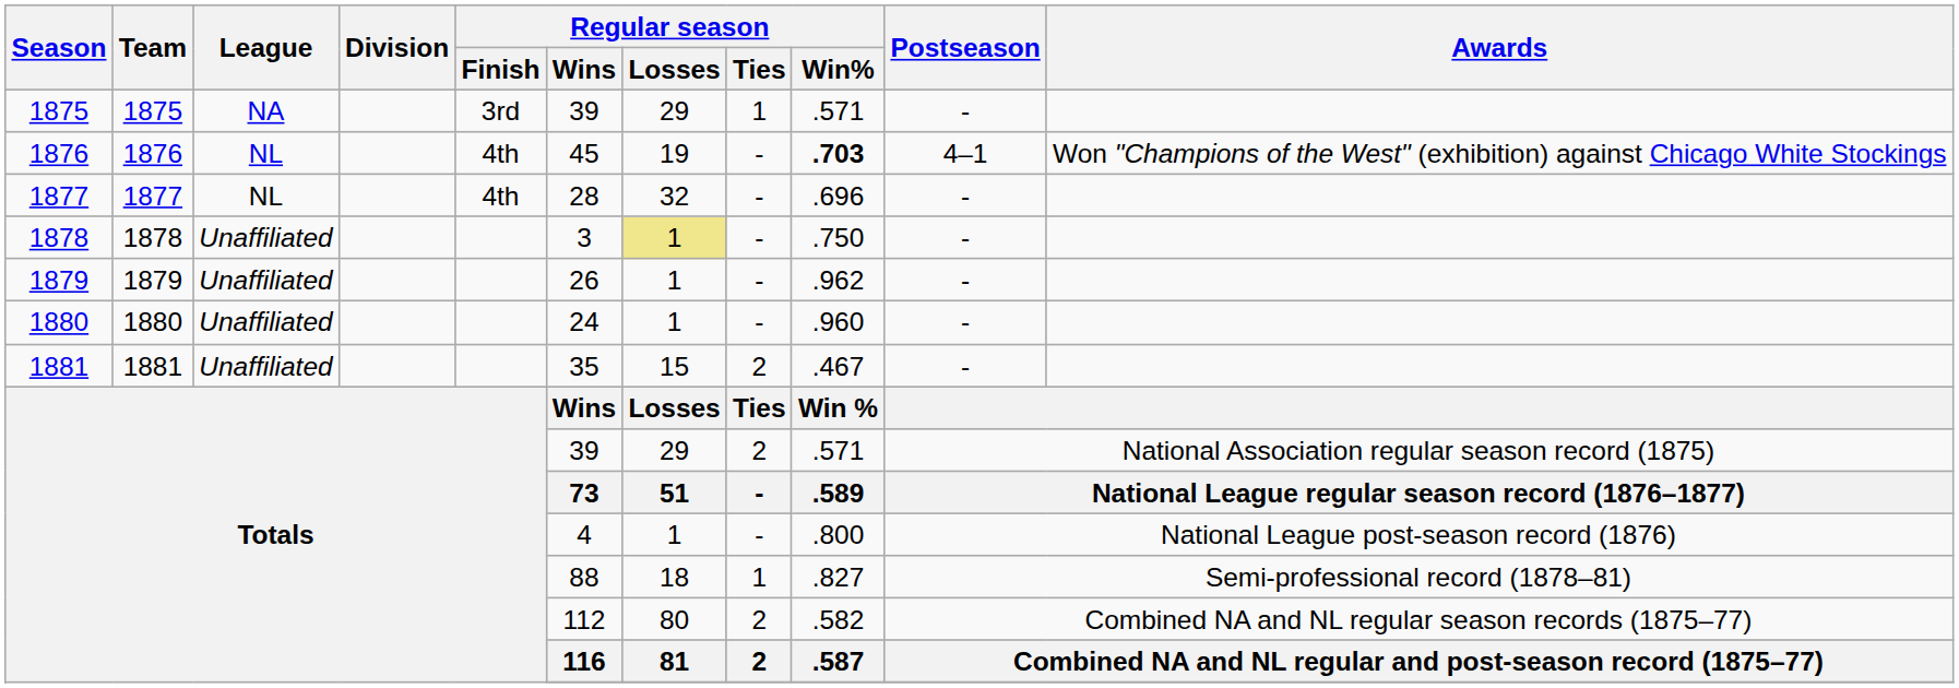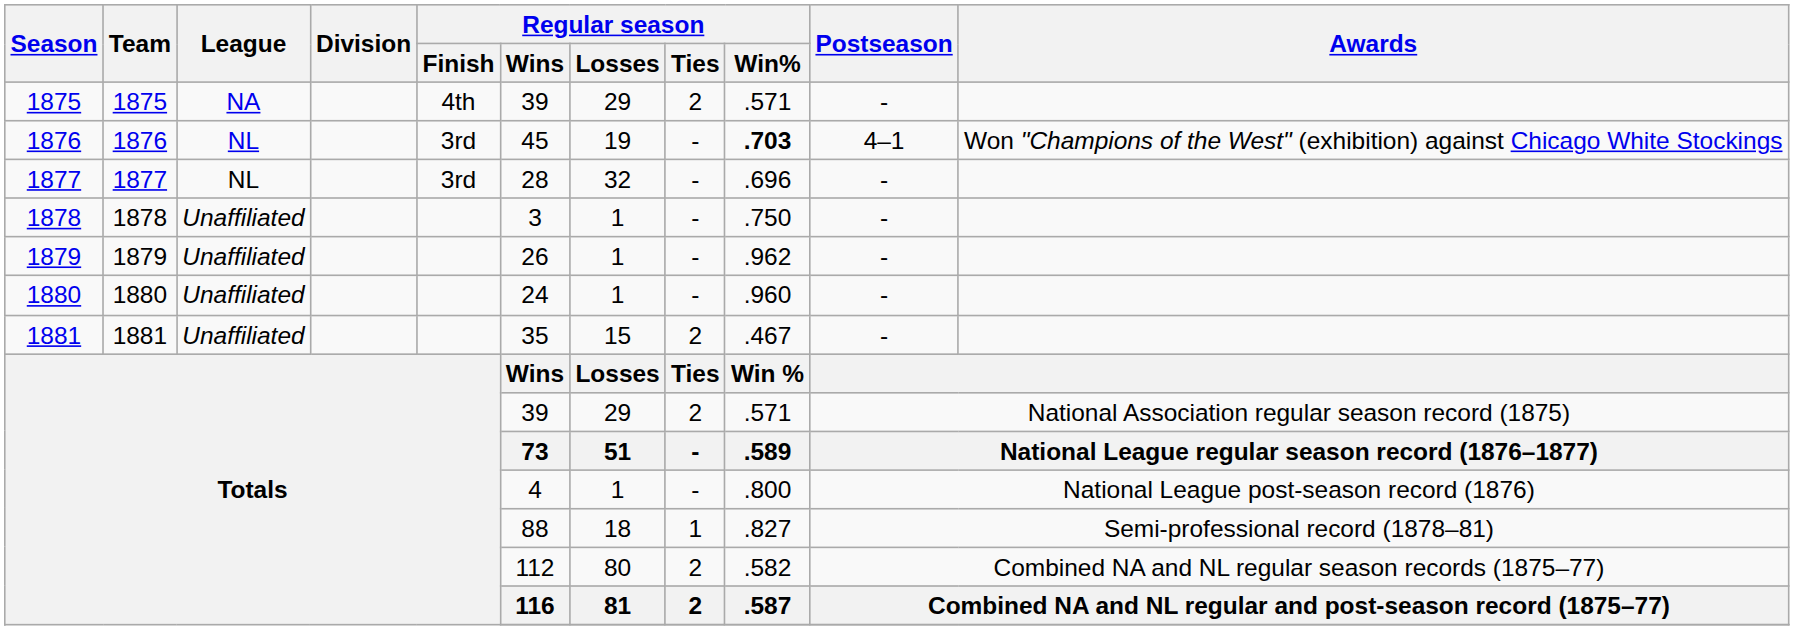 <table class="wikitable" style="text-align:center; font-size:95%">
 <tr>
 <th rowspan="2"><a href='#'>Season</a></th>
 <th rowspan="2">Team</th>
 <th rowspan="2">League</th>
 <th rowspan="2">Division</th>
 <th colspan="5"><a href='#'>Regular season</a></th>
 <th rowspan="2"><a href='#'>Postseason</a></th>
 <th rowspan="2"><a href='#'>Awards</a></th>
 </tr>
 <tr>
 <th>Finish</th>
 <th>Wins</th>
 <th>Losses</th>
 <th>Ties</th>
 <th>Win%</th>
 </tr>
 <tr>
 <td align="center"><a href='#'>1875</a></td>
 <td align="center"><a href='#'>1875</a></td>
 <td align="center"><a href='#'>NA</a></td>
 <td align="center"></td>
-<td align="center">3rd</td>
+<td align="center">4th</td>
 <td align="center">39</td>
 <td align="center">29</td>
-<td align="center">1</td>
+<td align="center">2</td>
 <td align="center">.571</td>
 <td align="center">-</td>
 <td></td>
 </tr>
 <tr>
 <td align="center"><a href='#'>1876</a></td>
 <td align="center"><a href='#'>1876</a></td>
 <td align="center"><a href='#'>NL</a></td>
 <td align="center"></td>
-<td align="center">4th</td>
+<td align="center">3rd</td>
 <td align="center">45</td>
 <td align="center">19</td>
 <td align="center">-</td>
 <td align="center"><strong>.703</strong></td>
 <td align="center">4–1</td>
 <td>Won <em>"Champions of the West"</em> (exhibition) against <a href='#'>Chicago White Stockings</a> </td>
 </tr>
 <tr>
 <td align="center"><a href='#'>1877</a></td>
 <td align="center"><a href='#'>1877</a></td>
 <td align="center">NL</td>
 <td align="center"></td>
-<td align="center">4th</td>
+<td align="center">3rd</td>
 <td align="center">28</td>
 <td align="center">32</td>
 <td align="center">-</td>
 <td align="center">.696</td>
 <td align="center">-</td>
 <td></td>
 </tr>
 <tr>
 <td align="center"><a href='#'>1878</a></td>
 <td align="center">1878</td>
 <td align="center"><em>Unaffiliated</em></td>
 <td align="center"></td>
 <td align="center"></td>
 <td align="center">3</td>
-<td align="center" style="background: khaki;">1</td>
+<td align="center">1</td>
 <td align="center">-</td>
 <td align="center">.750</td>
 <td align="center">-</td>
 <td></td>
 </tr>
 <tr>
 <td align="center"><a href='#'>1879</a></td>
 <td align="center">1879</td>
 <td align="center"><em>Unaffiliated</em></td>
 <td align="center"></td>
 <td align="center"></td>
 <td align="center">26</td>
 <td align="center">1</td>
 <td align="center">-</td>
 <td align="center">.962</td>
 <td align="center">-</td>
 <td></td>
 </tr>
 <tr>
 <td align="center"><a href='#'>1880</a></td>
 <td align="center">1880</td>
 <td align="center"><em>Unaffiliated</em></td>
 <td align="center"></td>
 <td align="center"></td>
 <td align="center">24</td>
 <td align="center">1</td>
 <td align="center">-</td>
 <td align="center">.960</td>
 <td align="center">-</td>
 <td></td>
 </tr>
 <tr>
 <td align="center"><a href='#'>1881</a></td>
 <td align="center">1881</td>
 <td align="center"><em>Unaffiliated</em></td>
 <td align="center"></td>
 <td align="center"></td>
 <td align="center">35</td>
 <td align="center">15</td>
 <td align="center">2</td>
 <td align="center">.467</td>
 <td align="center">-</td>
 <td></td>
 </tr>
 <tr>
 <th colspan="5" rowspan="8" style="text-align: center;"><strong>Totals</strong></th>
 <th style="text-align: center"><strong>Wins</strong></th>
 <th style="text-align: center"><strong>Losses</strong></th>
 <th style="text-align: center"><strong>Ties</strong></th>
 <th style="text-align: center"><strong>Win %</strong></th>
 <th colspan="2"></th>
 </tr>
 <tr>
 <td align="center">39</td>
 <td align="center">29</td>
 <td align="center">2</td>
 <td align="center">.571</td>
 <td colspan="2">National Association regular season record (1875)</td>
 </tr>
 <tr>
 <th align="center">73</th>
 <th align="center">51</th>
 <th align="center">-</th>
 <th align="center">.589</th>
 <th colspan="2">National League regular season record (1876–1877)</th>
 </tr>
 <tr>
 <td align="center">4</td>
 <td align="center">1</td>
 <td align="center">-</td>
 <td align="center">.800</td>
 <td colspan="2">National League post-season record (1876)</td>
 </tr>
 <tr>
 <td align="center">88</td>
 <td align="center">18</td>
 <td align="center">1</td>
 <td align="center">.827</td>
 <td colspan="2">Semi-professional record (1878–81)</td>
 </tr>
 <tr>
 <td align="center">112</td>
 <td align="center">80</td>
 <td align="center">2</td>
 <td align="center">.582</td>
 <td colspan="2">Combined NA and NL regular season records (1875–77)</td>
 </tr>
 <tr>
 <th align="center">116</th>
 <th align="center">81</th>
 <th align="center">2</th>
 <th align="center">.587</th>
 <th colspan="2">Combined NA and NL regular and post-season record (1875–77)</th>
 </tr>
 <tr>
 </tr>
 </table>
